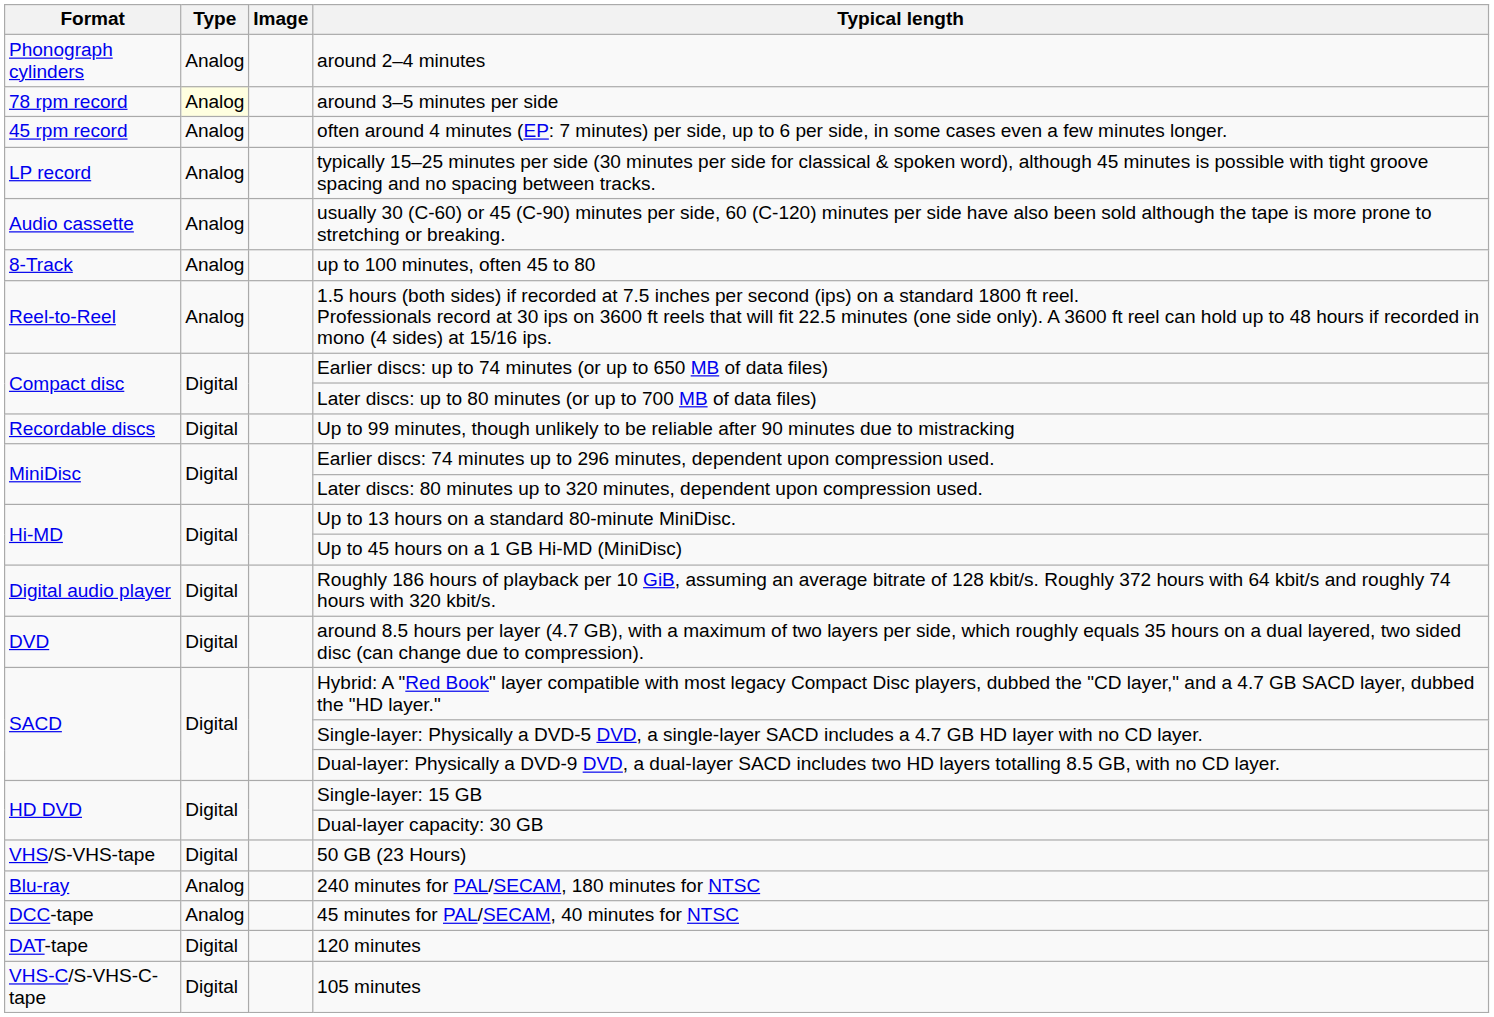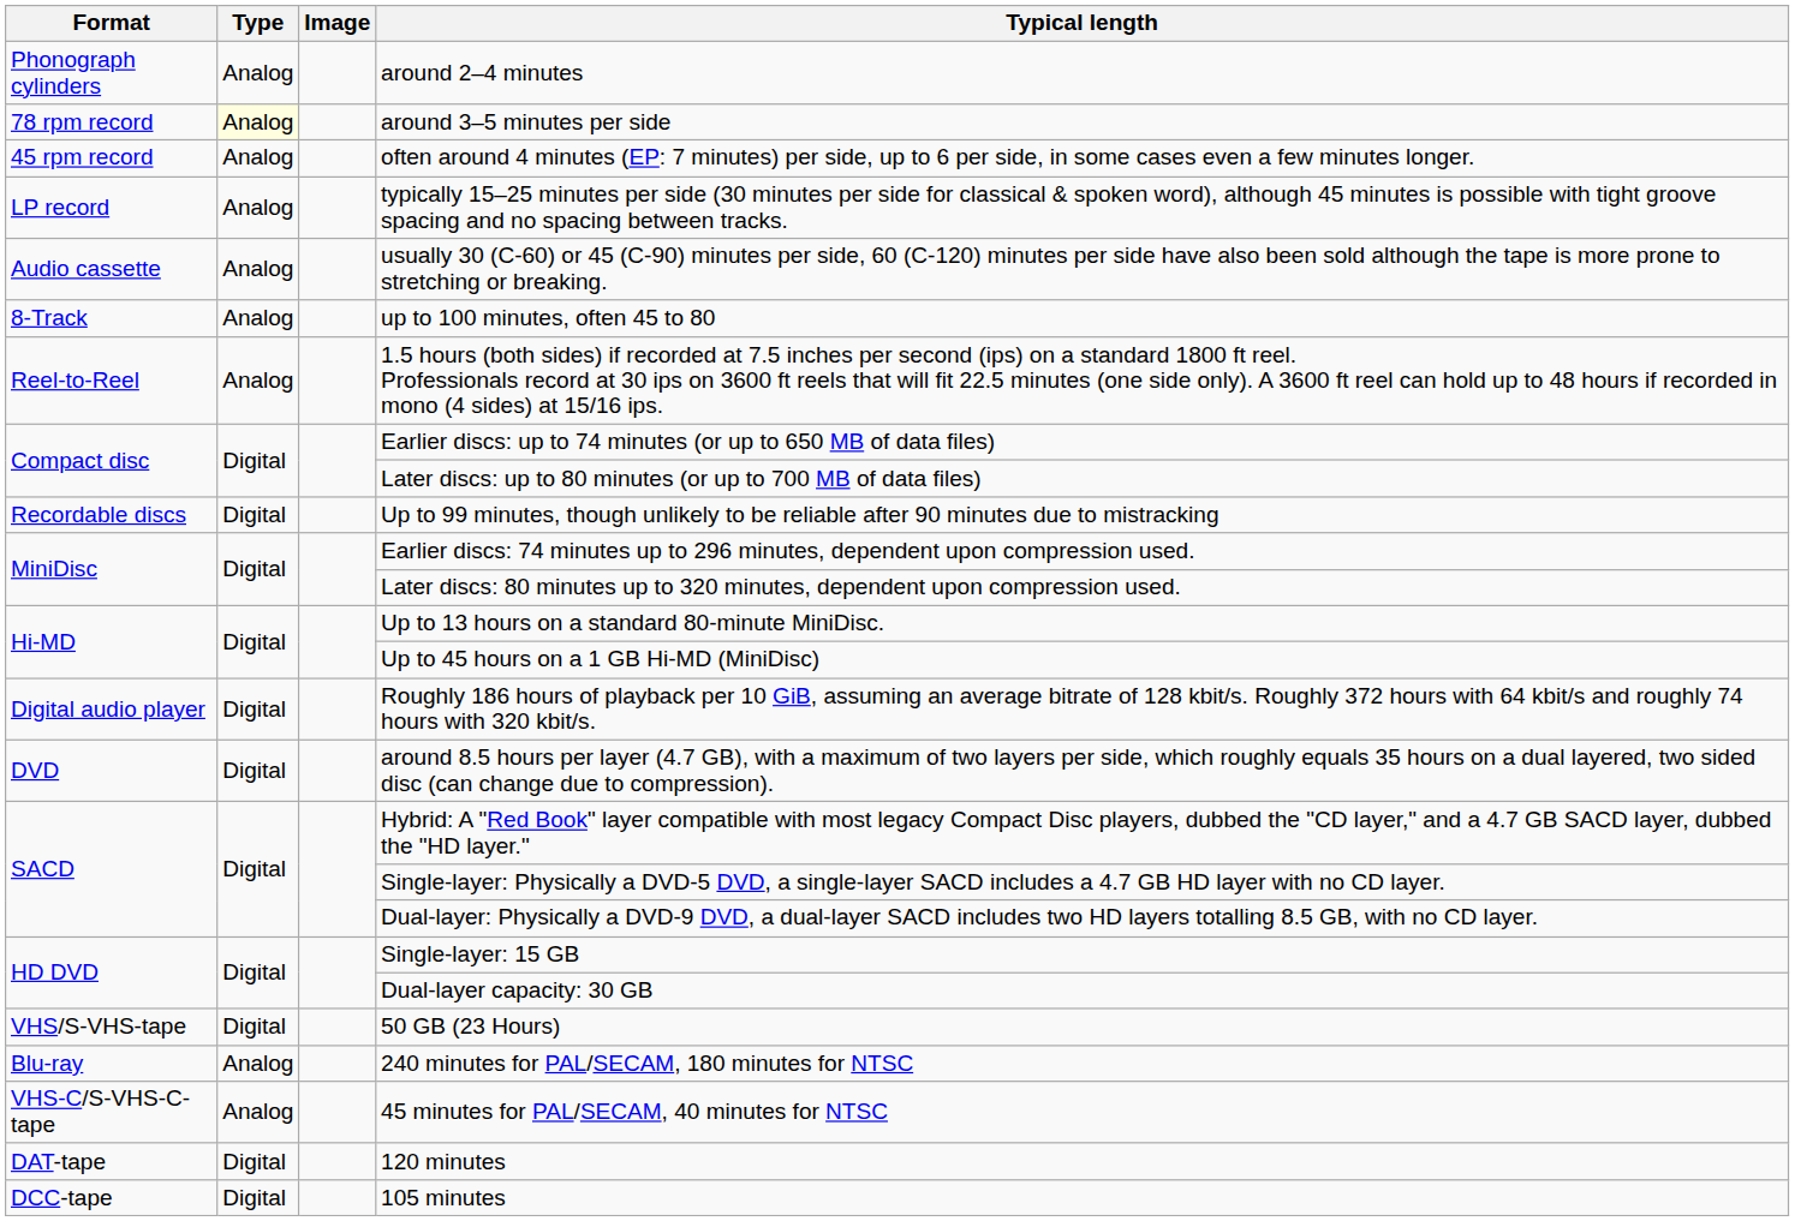 <table class="wikitable sortable" border="0">
 <tr>
 <th>Format</th>
 <th>Type</th>
 <th>Image</th>
 <th>Typical length</th>
 </tr>
 <tr>
 <td><a href='#'>Phonograph cylinders</a></td>
 <td>Analog</td>
 <td></td>
 <td>around 2–4 minutes</td>
 </tr>
 <tr>
 <td><a href='#'>78 rpm record</a></td>
 <td style="background: lightyellow;">Analog</td>
 <td></td>
 <td>around 3–5 minutes per side</td>
 </tr>
 <tr>
 <td><a href='#'>45 rpm record</a></td>
 <td>Analog</td>
 <td></td>
 <td>often around 4 minutes (<a href='#'>EP</a>: 7 minutes) per side, up to 6 per side, in some cases even a few minutes longer.</td>
 </tr>
 <tr>
 <td><a href='#'>LP record</a></td>
 <td>Analog</td>
 <td></td>
 <td>typically 15–25 minutes per side (30 minutes per side for classical & spoken word), although 45 minutes is possible with tight groove spacing and no spacing between tracks.</td>
 </tr>
 <tr>
 <td><a href='#'>Audio cassette</a></td>
 <td>Analog</td>
 <td></td>
 <td>usually 30 (C-60) or 45 (C-90) minutes per side, 60 (C-120) minutes per side have also been sold although the tape is more prone to stretching or breaking.</td>
 </tr>
 <tr>
 <td><a href='#'>8-Track</a></td>
 <td>Analog</td>
 <td></td>
 <td>up to 100 minutes, often 45 to 80</td>
 </tr>
 <tr>
 <td><a href='#'>Reel-to-Reel</a></td>
 <td>Analog</td>
 <td></td>
 <td>1.5 hours (both sides) if recorded at 7.5 inches per second (ips) on a standard 1800 ft reel.<br>Professionals record at 30 ips on 3600 ft reels that will fit 22.5 minutes (one side only). A 3600 ft reel can hold up to 48 hours if recorded in mono (4 sides) at 15/16 ips.</td>
 </tr>
 <tr>
 <td rowspan="2"><a href='#'>Compact disc</a></td>
 <td rowspan="2">Digital</td>
 <td rowspan="2"></td>
 <td>Earlier discs: up to 74 minutes (or up to 650 <a href='#'>MB</a> of data files)</td>
 </tr>
 <tr>
 <td>Later discs: up to 80 minutes (or up to 700 <a href='#'>MB</a> of data files)</td>
 </tr>
 <tr>
 <td><a href='#'>Recordable discs</a></td>
 <td>Digital</td>
 <td></td>
 <td>Up to 99 minutes, though unlikely to be reliable after 90 minutes due to mistracking</td>
 </tr>
 <tr>
 <td rowspan="2"><a href='#'>MiniDisc</a></td>
 <td rowspan="2">Digital</td>
 <td rowspan="2"></td>
 <td>Earlier discs: 74 minutes up to 296 minutes, dependent upon compression used.</td>
 </tr>
 <tr>
 <td>Later discs: 80 minutes up to 320 minutes, dependent upon compression used.</td>
 </tr>
 <tr>
 <td rowspan="2"><a href='#'>Hi-MD</a></td>
 <td rowspan="2">Digital</td>
 <td rowspan="2"></td>
 <td>Up to 13 hours on a standard 80-minute MiniDisc.</td>
 </tr>
 <tr>
 <td>Up to 45 hours on a 1 GB Hi-MD (MiniDisc)</td>
 </tr>
 <tr>
 <td><a href='#'>Digital audio player</a></td>
 <td>Digital</td>
 <td></td>
 <td>Roughly 186 hours of playback per 10 <a href='#'>GiB</a>, assuming an average bitrate of 128 kbit/s. Roughly 372 hours with 64 kbit/s and roughly 74 hours with 320 kbit/s.</td>
 </tr>
 <tr>
 <td><a href='#'>DVD</a></td>
 <td>Digital</td>
 <td></td>
 <td>around 8.5 hours per layer (4.7 GB), with a maximum of two layers per side, which roughly equals 35 hours on a dual layered, two sided disc (can change due to compression).</td>
 </tr>
 <tr>
 <td rowspan="3"><a href='#'>SACD</a></td>
 <td rowspan="3">Digital</td>
 <td rowspan="3"></td>
 <td>Hybrid: A "<a href='#'>Red Book</a>" layer compatible with most legacy Compact Disc players, dubbed the "CD layer," and a 4.7 GB SACD layer, dubbed the "HD layer."</td>
 </tr>
 <tr>
 <td>Single-layer: Physically a DVD-5 <a href='#'>DVD</a>, a single-layer SACD includes a 4.7 GB HD layer with no CD layer.</td>
 </tr>
 <tr>
 <td>Dual-layer: Physically a DVD-9 <a href='#'>DVD</a>, a dual-layer SACD includes two HD layers totalling 8.5 GB, with no CD layer.</td>
 </tr>
 <tr>
 <td rowspan="2"><a href='#'>HD DVD</a></td>
 <td rowspan="2">Digital</td>
 <td rowspan="2"></td>
 <td>Single-layer: 15 GB</td>
 </tr>
 <tr>
 <td>Dual-layer capacity: 30 GB</td>
 </tr>
 <tr>
 <td><a href='#'>VHS</a>/S-VHS-tape</td>
 <td>Digital</td>
 <td></td>
 <td>50 GB (23 Hours)</td>
 </tr>
 <tr>
 <td><a href='#'>Blu-ray</a></td>
 <td>Analog</td>
 <td></td>
 <td>240 minutes for <a href='#'>PAL</a>/<a href='#'>SECAM</a>, 180 minutes for <a href='#'>NTSC</a></td>
 </tr>
 <tr>
-<td><a href='#'>DCC</a>-tape</td>
+<td><a href='#'>VHS-C</a>/S-VHS-C-tape</td>
 <td>Analog</td>
 <td></td>
 <td>45 minutes for <a href='#'>PAL</a>/<a href='#'>SECAM</a>, 40 minutes for <a href='#'>NTSC</a></td>
 </tr>
 <tr>
 <td><a href='#'>DAT</a>-tape</td>
 <td>Digital</td>
 <td></td>
 <td>120 minutes</td>
 </tr>
 <tr>
-<td><a href='#'>VHS-C</a>/S-VHS-C-tape</td>
+<td><a href='#'>DCC</a>-tape</td>
 <td>Digital</td>
 <td></td>
 <td>105 minutes</td>
 </tr>
 </table>
